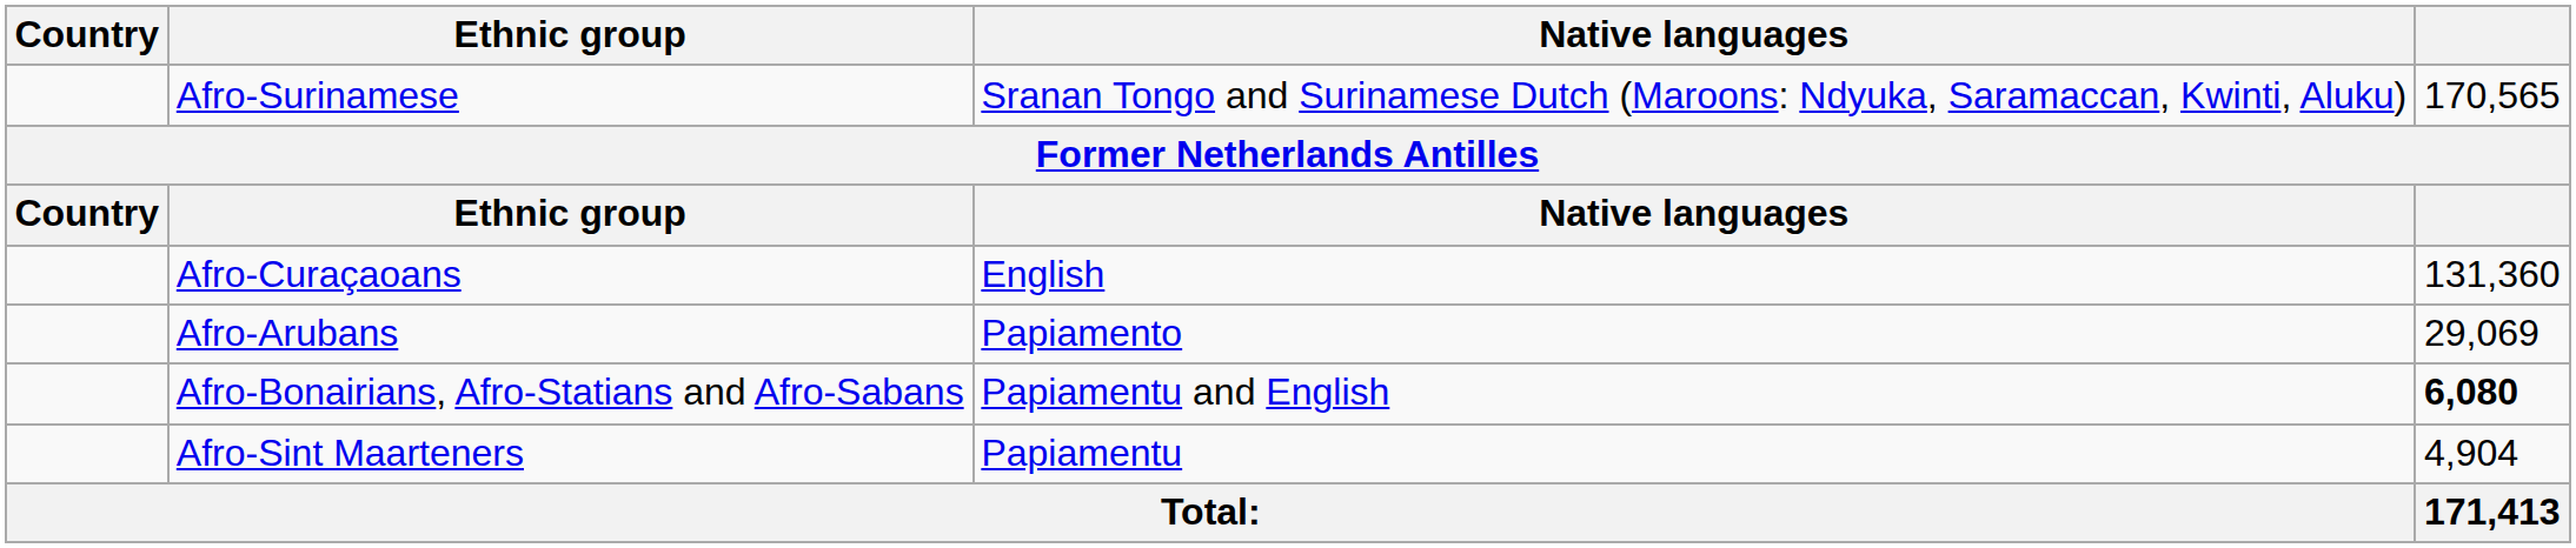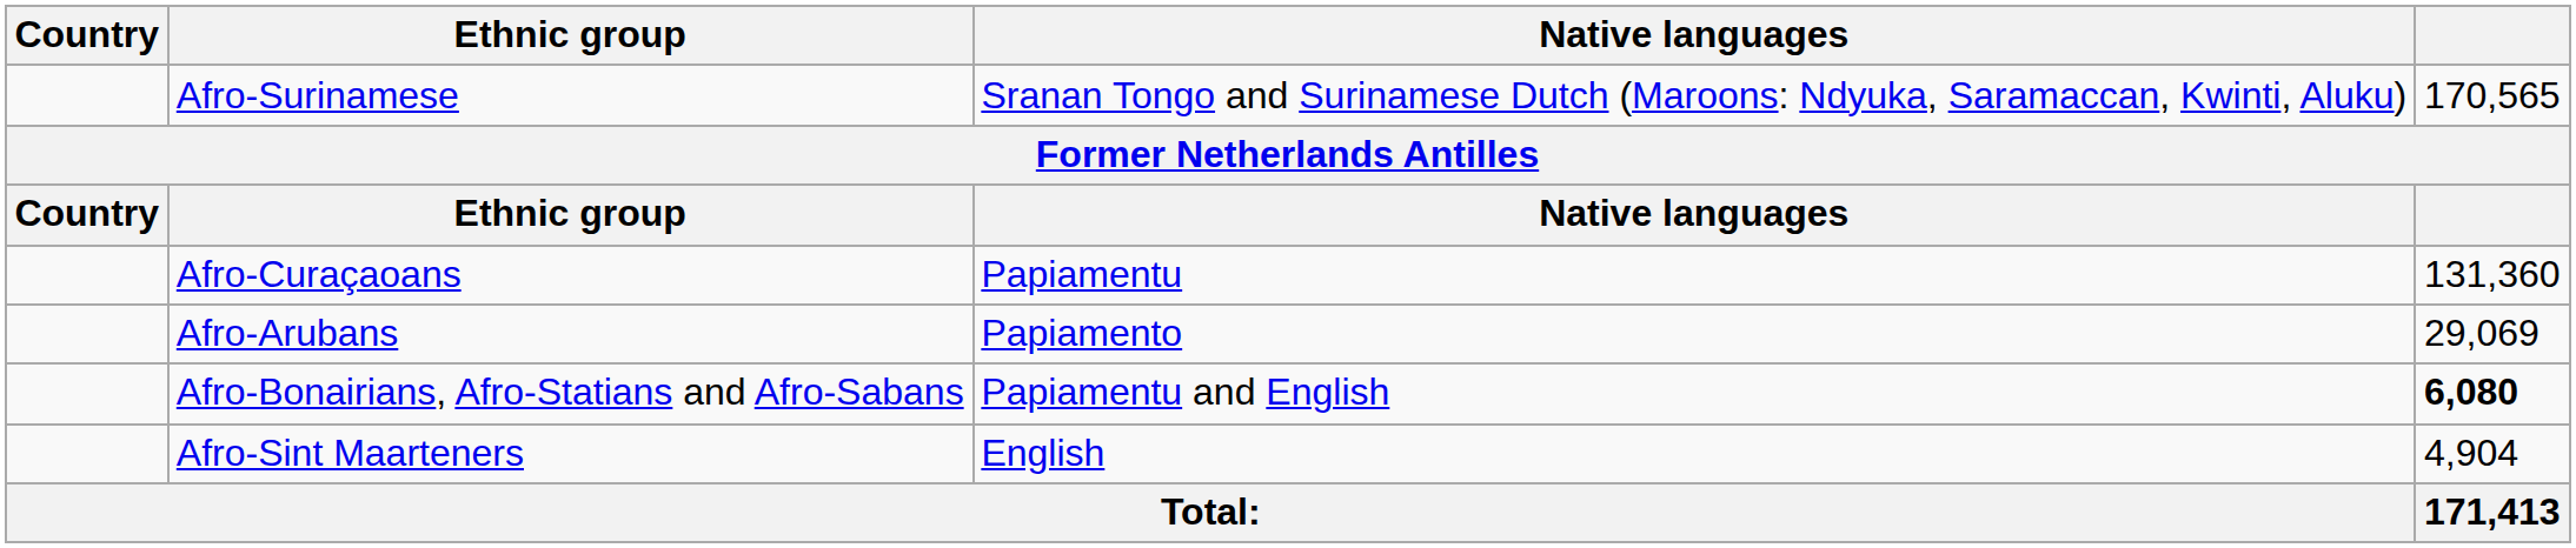 <table class="wikitable">
 <tr>
 <th>Country</th>
 <th>Ethnic group</th>
 <th>Native languages</th>
 <th></th>
 </tr>
 <tr>
 <td></td>
 <td><a href='#'>Afro-Surinamese</a></td>
 <td><a href='#'>Sranan Tongo</a> and <a href='#'>Surinamese Dutch</a> (<a href='#'>Maroons</a>: <a href='#'>Ndyuka</a>, <a href='#'>Saramaccan</a>, <a href='#'>Kwinti</a>, <a href='#'>Aluku</a>)</td>
 <td>170,565</td>
 </tr>
 <tr>
 <th colspan="4"><a href='#'>Former Netherlands Antilles</a></th>
 </tr>
 <tr>
 <th>Country</th>
 <th>Ethnic group</th>
 <th>Native languages</th>
 <th></th>
 </tr>
 <tr>
 <td></td>
 <td><a href='#'>Afro-Curaçaoans</a></td>
-<td><a href='#'>English</a></td>
+<td><a href='#'>Papiamentu</a></td>
 <td>131,360</td>
 </tr>
 <tr>
 <td></td>
 <td><a href='#'>Afro-Arubans</a></td>
 <td><a href='#'>Papiamento</a></td>
 <td>29,069</td>
 </tr>
 <tr>
 <td>  </td>
 <td><a href='#'>Afro-Bonairians</a>, <a href='#'>Afro-Statians</a> and <a href='#'>Afro-Sabans</a></td>
 <td><a href='#'>Papiamentu</a> and <a href='#'>English</a></td>
 <td><strong>6,080</strong></td>
 </tr>
 <tr>
 <td></td>
 <td><a href='#'>Afro-Sint Maarteners</a></td>
-<td><a href='#'>Papiamentu</a></td>
+<td><a href='#'>English</a></td>
 <td>4,904</td>
 </tr>
 <tr>
 <th colspan="3">Total:</th>
 <th>171,413</th>
 </tr>
 </table>
